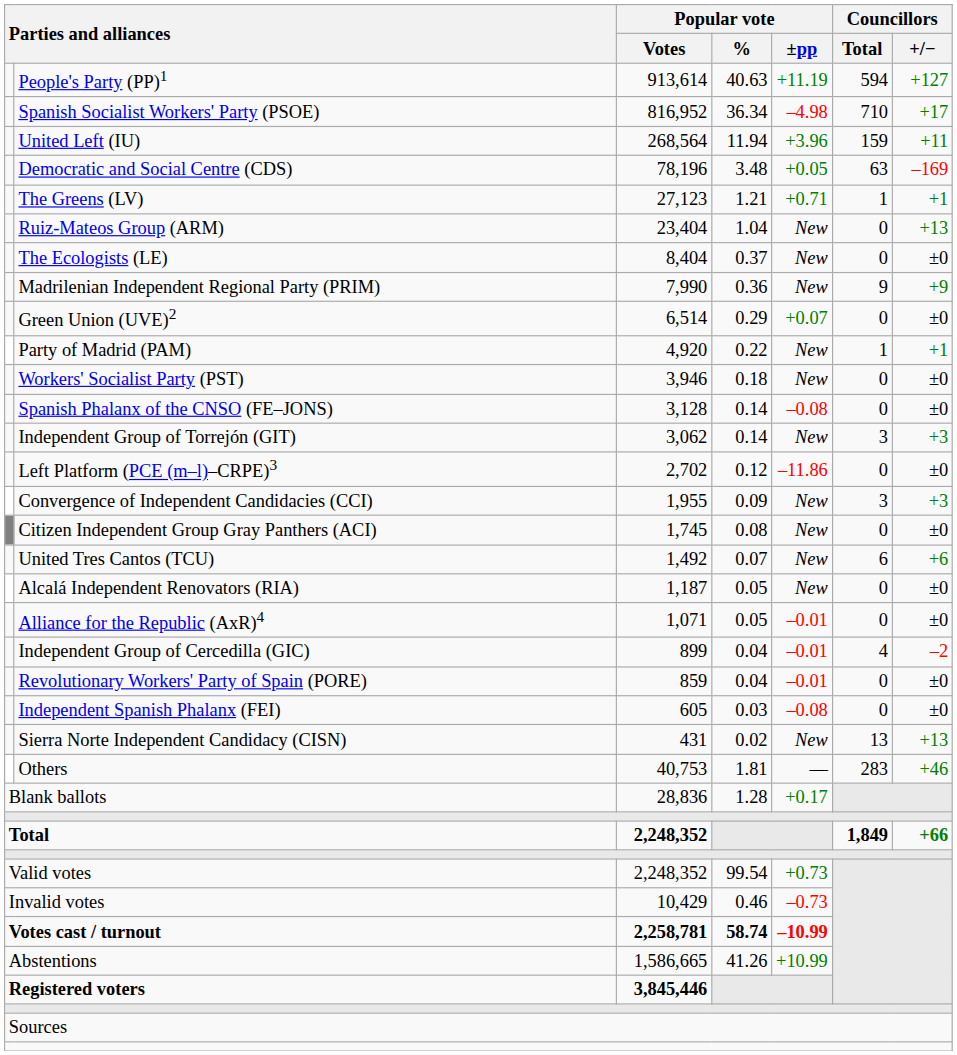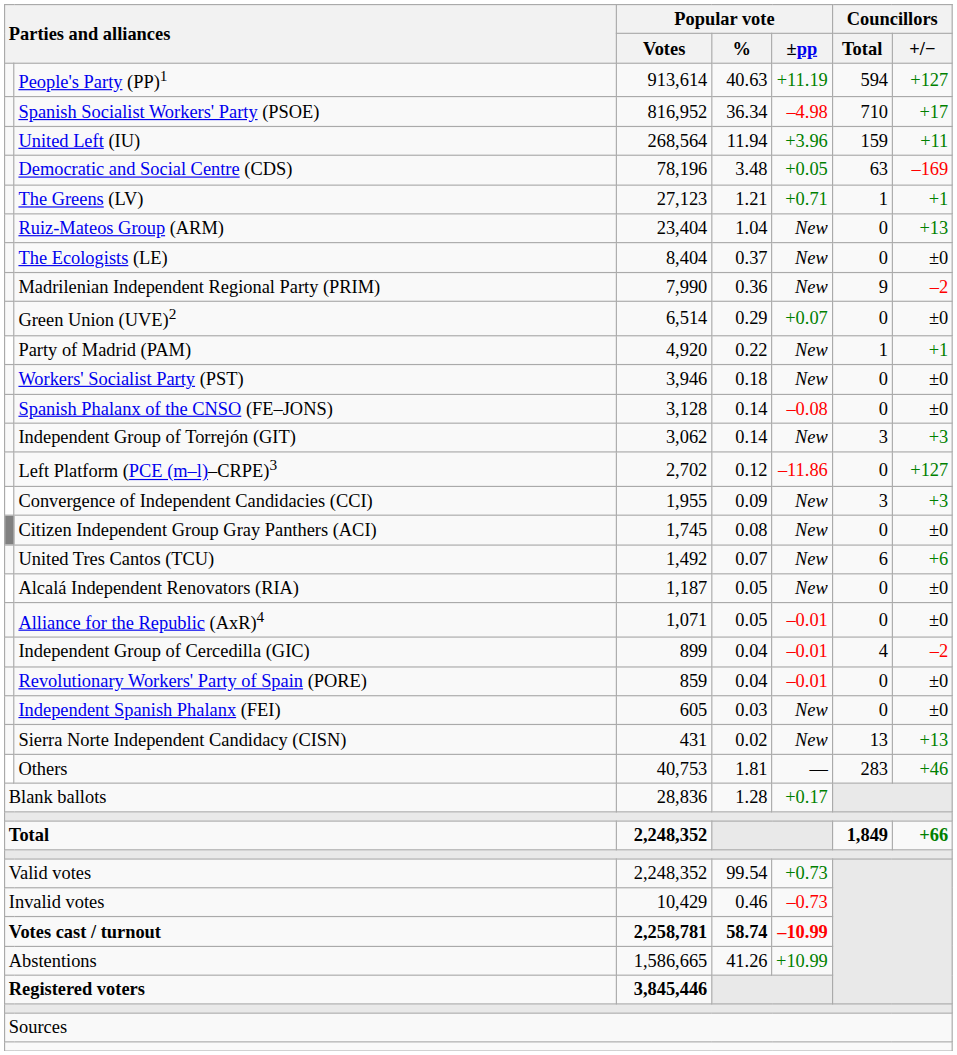 <table class="wikitable" style="text-align:right;">
 <tr>
 <th style="text-align:left;" rowspan="2" colspan="2" width="525">Parties and alliances</th>
 <th colspan="3">Popular vote</th>
 <th colspan="2">Councillors</th>
 </tr>
 <tr>
 <th width="75">Votes</th>
 <th width="45">%</th>
 <th width="45">±<a href='#'>pp</a></th>
 <th width="45">Total</th>
 <th width="45">+/−</th>
 </tr>
 <tr>
 <td width="1" style="color:inherit;background:"></td>
 <td align="left"><a href='#'>People's Party</a> (PP)<sup>1</sup></td>
 <td>913,614</td>
 <td>40.63</td>
 <td style="color:green;">+11.19</td>
 <td>594</td>
 <td style="color:green;">+127</td>
 </tr>
 <tr>
 <td style="color:inherit;background:"></td>
 <td align="left"><a href='#'>Spanish Socialist Workers' Party</a> (PSOE)</td>
 <td>816,952</td>
 <td>36.34</td>
 <td style="color:red;">–4.98</td>
 <td>710</td>
 <td style="color:green;">+17</td>
 </tr>
 <tr>
 <td style="color:inherit;background:"></td>
 <td align="left"><a href='#'>United Left</a> (IU)</td>
 <td>268,564</td>
 <td>11.94</td>
 <td style="color:green;">+3.96</td>
 <td>159</td>
 <td style="color:green;">+11</td>
 </tr>
 <tr>
 <td style="color:inherit;background:"></td>
 <td align="left"><a href='#'>Democratic and Social Centre</a> (CDS)</td>
 <td>78,196</td>
 <td>3.48</td>
 <td style="color:green;">+0.05</td>
 <td>63</td>
 <td style="color:red;">–169</td>
 </tr>
 <tr>
 <td style="color:inherit;background:"></td>
 <td align="left"><a href='#'>The Greens</a> (LV)</td>
 <td>27,123</td>
 <td>1.21</td>
 <td style="color:green;">+0.71</td>
 <td>1</td>
 <td style="color:green;">+1</td>
 </tr>
 <tr>
 <td style="color:inherit;background:"></td>
 <td align="left"><a href='#'>Ruiz-Mateos Group</a> (ARM)</td>
 <td>23,404</td>
 <td>1.04</td>
 <td><em>New</em></td>
 <td>0</td>
 <td style="color:green;">+13</td>
 </tr>
 <tr>
 <td style="color:inherit;background:"></td>
 <td align="left"><a href='#'>The Ecologists</a> (LE)</td>
 <td>8,404</td>
 <td>0.37</td>
 <td><em>New</em></td>
 <td>0</td>
 <td>±0</td>
 </tr>
 <tr>
 <td style="color:inherit;background:"></td>
 <td align="left">Madrilenian Independent Regional Party (PRIM)</td>
 <td>7,990</td>
 <td>0.36</td>
 <td><em>New</em></td>
 <td>9</td>
-<td style="color:green;">+9</td>
+<td style="color:red;">–2</td>
 </tr>
 <tr>
 <td style="color:inherit;background:"></td>
 <td align="left">Green Union (UVE)<sup>2</sup></td>
 <td>6,514</td>
 <td>0.29</td>
 <td style="color:green;">+0.07</td>
 <td>0</td>
 <td>±0</td>
 </tr>
 <tr>
 <td bgcolor="white"></td>
 <td align="left">Party of Madrid (PAM)</td>
 <td>4,920</td>
 <td>0.22</td>
 <td><em>New</em></td>
 <td>1</td>
 <td style="color:green;">+1</td>
 </tr>
 <tr>
 <td style="color:inherit;background:"></td>
 <td align="left"><a href='#'>Workers' Socialist Party</a> (PST)</td>
 <td>3,946</td>
 <td>0.18</td>
 <td><em>New</em></td>
 <td>0</td>
 <td>±0</td>
 </tr>
 <tr>
 <td style="color:inherit;background:"></td>
 <td align="left"><a href='#'>Spanish Phalanx of the CNSO</a> (FE–JONS)</td>
 <td>3,128</td>
 <td>0.14</td>
 <td style="color:red;">–0.08</td>
 <td>0</td>
 <td>±0</td>
 </tr>
 <tr>
 <td style="color:inherit;background:"></td>
 <td align="left">Independent Group of Torrejón (GIT)</td>
 <td>3,062</td>
 <td>0.14</td>
 <td><em>New</em></td>
 <td>3</td>
 <td style="color:green;">+3</td>
 </tr>
 <tr>
 <td style="color:inherit;background:"></td>
 <td align="left">Left Platform (<a href='#'>PCE (m–l)</a>–CRPE)<sup>3</sup></td>
 <td>2,702</td>
 <td>0.12</td>
 <td style="color:red;">–11.86</td>
 <td>0</td>
-<td>±0</td>
+<td style="color:green;">+127</td>
 </tr>
 <tr>
 <td bgcolor="white"></td>
 <td align="left">Convergence of Independent Candidacies (CCI)</td>
 <td>1,955</td>
 <td>0.09</td>
 <td><em>New</em></td>
 <td>3</td>
 <td style="color:green;">+3</td>
 </tr>
 <tr>
 <td bgcolor="gray"></td>
 <td align="left">Citizen Independent Group Gray Panthers (ACI)</td>
 <td>1,745</td>
 <td>0.08</td>
 <td><em>New</em></td>
 <td>0</td>
 <td>±0</td>
 </tr>
 <tr>
 <td style="color:inherit;background:"></td>
 <td align="left">United Tres Cantos (TCU)</td>
 <td>1,492</td>
 <td>0.07</td>
 <td><em>New</em></td>
 <td>6</td>
 <td style="color:green;">+6</td>
 </tr>
 <tr>
 <td bgcolor="white"></td>
 <td align="left">Alcalá Independent Renovators (RIA)</td>
 <td>1,187</td>
 <td>0.05</td>
 <td><em>New</em></td>
 <td>0</td>
 <td>±0</td>
 </tr>
 <tr>
 <td style="color:inherit;background:"></td>
 <td align="left"><a href='#'>Alliance for the Republic</a> (AxR)<sup>4</sup></td>
 <td>1,071</td>
 <td>0.05</td>
 <td style="color:red;">–0.01</td>
 <td>0</td>
 <td>±0</td>
 </tr>
 <tr>
 <td style="color:inherit;background:"></td>
 <td align="left">Independent Group of Cercedilla (GIC)</td>
 <td>899</td>
 <td>0.04</td>
 <td style="color:red;">–0.01</td>
 <td>4</td>
 <td style="color:red;">–2</td>
 </tr>
 <tr>
 <td style="color:inherit;background:"></td>
 <td align="left"><a href='#'>Revolutionary Workers' Party of Spain</a> (PORE)</td>
 <td>859</td>
 <td>0.04</td>
 <td style="color:red;">–0.01</td>
 <td>0</td>
 <td>±0</td>
 </tr>
 <tr>
 <td style="color:inherit;background:"></td>
 <td align="left"><a href='#'>Independent Spanish Phalanx</a> (FEI)</td>
 <td>605</td>
 <td>0.03</td>
-<td style="color:red;">–0.08</td>
+<td><em>New</em></td>
 <td>0</td>
 <td>±0</td>
 </tr>
 <tr>
 <td style="color:inherit;background:"></td>
 <td align="left">Sierra Norte Independent Candidacy (CISN)</td>
 <td>431</td>
 <td>0.02</td>
 <td><em>New</em></td>
 <td>13</td>
 <td style="color:green;">+13</td>
 </tr>
 <tr>
 <td bgcolor="white"></td>
 <td align="left">Others</td>
 <td>40,753</td>
 <td>1.81</td>
 <td>—</td>
 <td>283</td>
 <td style="color:green;">+46</td>
 </tr>
 <tr>
 <td align="left" colspan="2">Blank ballots</td>
 <td>28,836</td>
 <td>1.28</td>
 <td style="color:green;">+0.17</td>
 <td bgcolor="#E9E9E9" colspan="2"></td>
 </tr>
 <tr>
 <td colspan="7" bgcolor="#E9E9E9"></td>
 </tr>
 <tr style="font-weight:bold;">
 <td align="left" colspan="2">Total</td>
 <td>2,248,352</td>
 <td bgcolor="#E9E9E9" colspan="2"></td>
 <td>1,849</td>
 <td style="color:green;">+66</td>
 </tr>
 <tr>
 <td colspan="7" bgcolor="#E9E9E9"></td>
 </tr>
 <tr>
 <td align="left" colspan="2">Valid votes</td>
 <td>2,248,352</td>
 <td>99.54</td>
 <td style="color:green;">+0.73</td>
 <td bgcolor="#E9E9E9" colspan="2" rowspan="5"></td>
 </tr>
 <tr>
 <td align="left" colspan="2">Invalid votes</td>
 <td>10,429</td>
 <td>0.46</td>
 <td style="color:red;">–0.73</td>
 </tr>
 <tr style="font-weight:bold;">
 <td align="left" colspan="2">Votes cast / turnout</td>
 <td>2,258,781</td>
 <td>58.74</td>
 <td style="color:red;">–10.99</td>
 </tr>
 <tr>
 <td align="left" colspan="2">Abstentions</td>
 <td>1,586,665</td>
 <td>41.26</td>
 <td style="color:green;">+10.99</td>
 </tr>
 <tr style="font-weight:bold;">
 <td align="left" colspan="2">Registered voters</td>
 <td>3,845,446</td>
 <td bgcolor="#E9E9E9" colspan="2"></td>
 </tr>
 <tr>
 <td colspan="7" bgcolor="#E9E9E9"></td>
 </tr>
 <tr>
 <td align="left" colspan="7">Sources</td>
 </tr>
 <tr>
 <td colspan="7" style="text-align:left; max-width:790px;"></td>
 </tr>
 </table>
